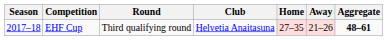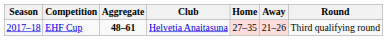 <table class="wikitable" style="text-align: left">
 <tr>
 <th>Season</th>
 <th>Competition</th>
-<th>Round</th>
+<th>Aggregate</th>
 <th>Club</th>
 <th>Home</th>
 <th>Away</th>
-<th>Aggregate</th>
+<th>Round</th>
 </tr>
 <tr>
 <td rowspan=1><a href='#'>2017–18</a></td>
 <td rowspan=1><a href='#'>EHF Cup</a></td>
-<td>Third qualifying round</td>
+<td style="text-align:center;"><strong>48–61</strong></td>
 <td> <a href='#'>Helvetia Anaitasuna</a></td>
 <td style="text-align:center; background:#fdd;">27–35</td>
 <td style="text-align:center; background:#fdd;">21–26</td>
-<td style="text-align:center;"><strong>48–61</strong></td>
+<td>Third qualifying round</td>
 </tr>
 </table>
